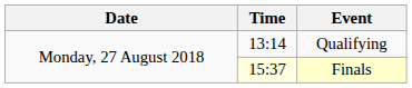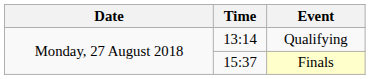 <table class = "wikitable" style="text-align:center;">
 <tr>
 <th width=220>Date</th>
 <th width=50>Time</th>
 <th width=100>Event</th>
 </tr>
 <tr>
 <td rowspan=2>Monday, 27 August 2018</td>
 <td>13:14</td>
 <td>Qualifying</td>
 </tr>
 <tr>
-<td style="background: lightyellow;">15:37</td>
+<td>15:37</td>
 <td bgcolor="ffffcc">Finals</td>
 </tr>
 </table>
